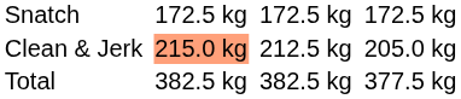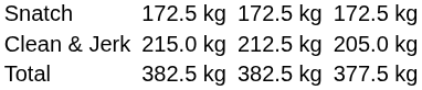 <table>
 <tr>
 <td>Snatch</td>
 <td></td>
 <td>172.5 kg</td>
 <td></td>
 <td>172.5 kg</td>
 <td></td>
 <td>172.5 kg</td>
 </tr>
 <tr>
 <td>Clean & Jerk</td>
 <td></td>
-<td style="background: lightsalmon;">215.0 kg</td>
+<td>215.0 kg</td>
 <td></td>
 <td>212.5 kg</td>
 <td></td>
 <td>205.0 kg</td>
 </tr>
 <tr>
 <td>Total</td>
 <td></td>
 <td>382.5 kg</td>
 <td></td>
 <td>382.5 kg</td>
 <td></td>
 <td>377.5 kg</td>
 </tr>
 </table>
